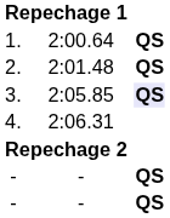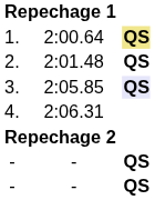 <table style="text-align:center">
 <tr>
 <td colspan=4 align=left><strong>Repechage 1</strong></td>
 </tr>
 <tr>
 <td width-30>1.</td>
 <td align=left></td>
 <td width=80>2:00.64</td>
-<td><strong>QS</strong></td>
+<td style="background: khaki;"><strong>QS</strong></td>
 </tr>
 <tr>
 <td>2.</td>
 <td align=left></td>
 <td>2:01.48</td>
 <td><strong>QS</strong></td>
 </tr>
 <tr>
 <td>3.</td>
 <td align=left></td>
 <td>2:05.85</td>
 <td style="background: lavender;"><strong>QS</strong></td>
 </tr>
 <tr>
 <td>4.</td>
 <td align=left></td>
 <td>2:06.31</td>
 <td></td>
 </tr>
 <tr>
 <td colspan=4 align=left><strong>Repechage 2</strong></td>
 </tr>
 <tr>
 <td>-</td>
 <td align=left></td>
 <td width=80>-</td>
 <td><strong>QS</strong></td>
 </tr>
 <tr>
 <td>-</td>
 <td align=left></td>
 <td>-</td>
 <td><strong>QS</strong></td>
 </tr>
 </table>
